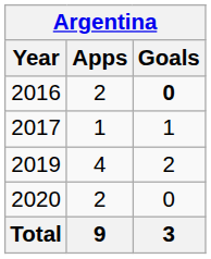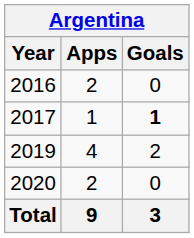 <table class="wikitable" style="text-align:center">
 <tr>
 <th colspan="3"><a href='#'>Argentina</a></th>
 </tr>
 <tr>
 <th>Year</th>
 <th>Apps</th>
 <th>Goals</th>
 </tr>
 <tr>
 <td>2016</td>
 <td>2</td>
-<td><strong>0</strong></td>
+<td>0</td>
 </tr>
 <tr>
 <td>2017</td>
 <td>1</td>
-<td>1</td>
+<td><strong>1</strong></td>
 </tr>
 <tr>
 <td>2019</td>
 <td>4</td>
 <td>2</td>
 </tr>
 <tr>
 <td>2020</td>
 <td>2</td>
 <td>0</td>
 </tr>
 <tr>
 <th>Total</th>
 <th>9</th>
 <th>3</th>
 </tr>
 </table>
